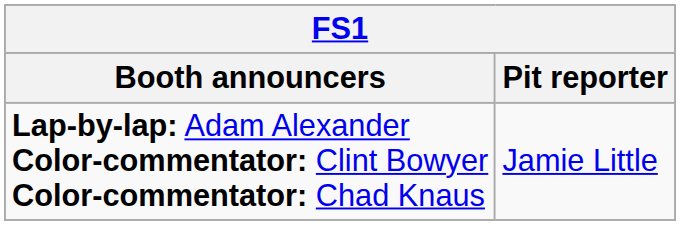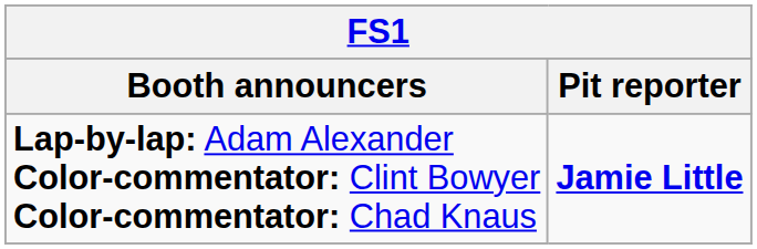 <table class="wikitable">
 <tr>
 <th colspan="2"><a href='#'>FS1</a></th>
 </tr>
 <tr>
 <th>Booth announcers</th>
 <th>Pit reporter</th>
 </tr>
 <tr>
 <td><strong>Lap-by-lap:</strong> <a href='#'>Adam Alexander</a><br><strong>Color-commentator:</strong> <a href='#'>Clint Bowyer</a><br><strong>Color-commentator:</strong> <a href='#'>Chad Knaus</a></td>
-<td><a href='#'>Jamie Little</a></td>
+<td><strong><a href='#'>Jamie Little</a></strong></td>
 </tr>
 </table>
